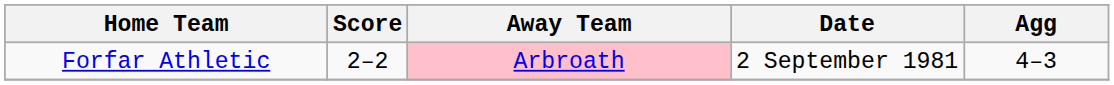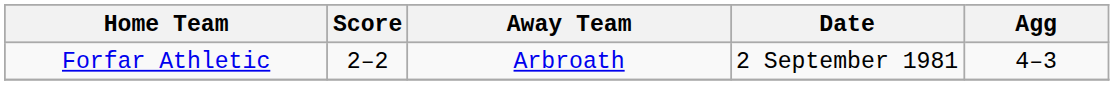 <table class="wikitable" style="text-align:center;">
 <tr>
 <th width=175>Home Team</th>
 <th width=20>Score</th>
 <th width=175>Away Team</th>
 <th width= 125>Date</th>
 <th width= 75>Agg</th>
 </tr>
 <tr>
 <td><a href='#'>Forfar Athletic</a></td>
 <td>2–2</td>
-<td style="background: pink;"><a href='#'>Arbroath</a></td>
+<td><a href='#'>Arbroath</a></td>
 <td>2 September 1981</td>
 <td>4–3</td>
 </tr>
 <tr>
 </tr>
 </table>
